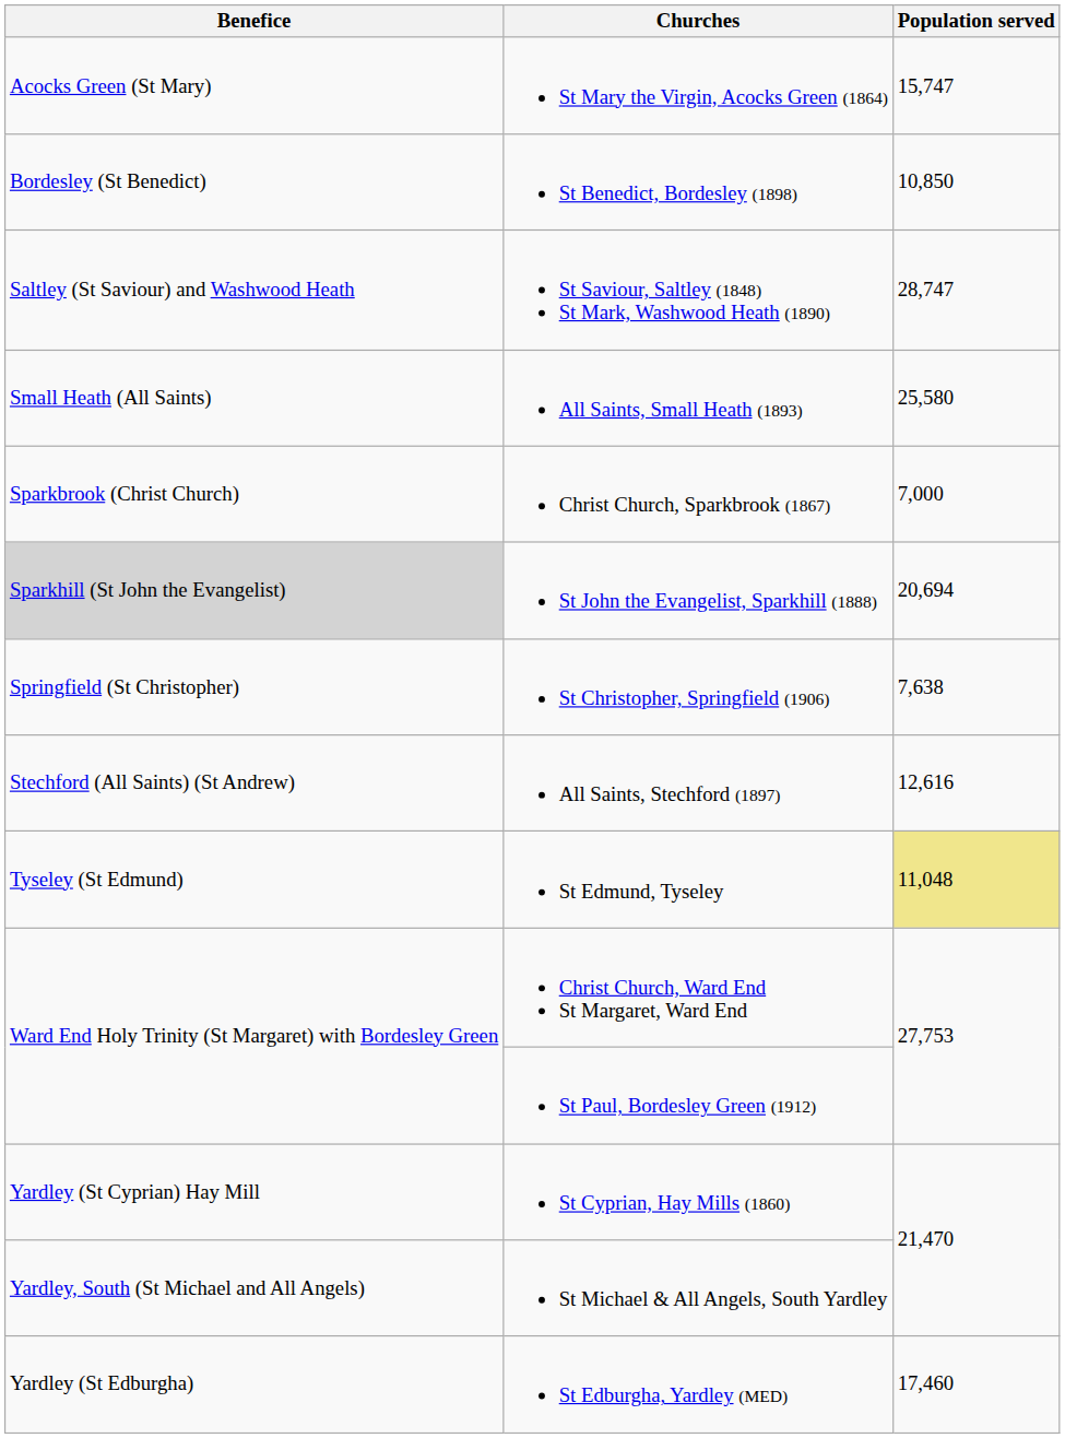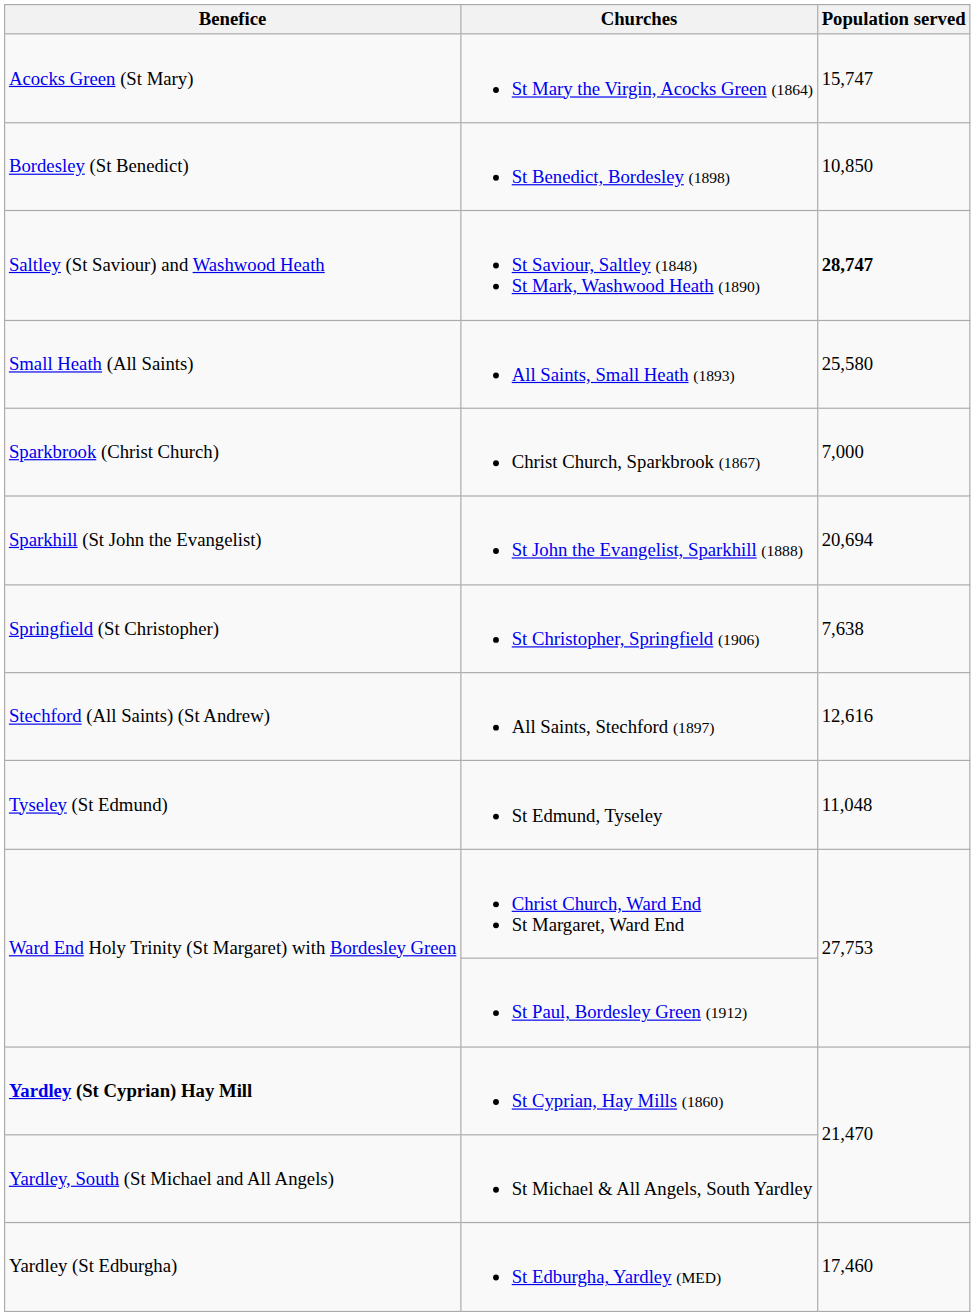 <table class="wikitable">
 <tr>
 <th>Benefice</th>
 <th>Churches</th>
 <th>Population served</th>
 </tr>
 <tr>
 <td><a href='#'>Acocks Green</a> (St Mary)</td>
 <td><br><ul><li><a href='#'>St Mary the Virgin, Acocks Green</a> <small>(1864)</small></li></ul></td>
 <td>15,747</td>
 </tr>
 <tr>
 <td><a href='#'>Bordesley</a> (St Benedict)</td>
 <td><br><ul><li><a href='#'>St Benedict, Bordesley</a> <small>(1898)</small></li></ul></td>
 <td>10,850</td>
 </tr>
 <tr>
 <td><a href='#'>Saltley</a> (St Saviour) and <a href='#'>Washwood Heath</a></td>
 <td><br><ul><li><a href='#'>St Saviour, Saltley</a> <small>(1848)</small></li><li><a href='#'>St Mark, Washwood Heath</a> <small>(1890)</small></li></ul></td>
-<td>28,747</td>
+<td><strong>28,747</strong></td>
 </tr>
 <tr>
 <td><a href='#'>Small Heath</a> (All Saints)</td>
 <td><br><ul><li><a href='#'>All Saints, Small Heath</a> <small>(1893)</small></li></ul></td>
 <td>25,580</td>
 </tr>
 <tr>
 <td><a href='#'>Sparkbrook</a> (Christ Church)</td>
 <td><br><ul><li>Christ Church, Sparkbrook <small>(1867)</small></li></ul></td>
 <td>7,000</td>
 </tr>
 <tr>
-<td style="background: lightgrey;"><a href='#'>Sparkhill</a> (St John the Evangelist)</td>
+<td><a href='#'>Sparkhill</a> (St John the Evangelist)</td>
 <td><br><ul><li><a href='#'>St John the Evangelist, Sparkhill</a> <small>(1888)</small></li></ul></td>
 <td>20,694</td>
 </tr>
 <tr>
 <td><a href='#'>Springfield</a> (St Christopher)</td>
 <td><br><ul><li><a href='#'>St Christopher, Springfield</a> <small>(1906)</small></li></ul></td>
 <td>7,638</td>
 </tr>
 <tr>
 <td><a href='#'>Stechford</a> (All Saints) (St Andrew)</td>
 <td><br><ul><li>All Saints, Stechford <small>(1897)</small></li></ul></td>
 <td>12,616</td>
 </tr>
 <tr>
 <td><a href='#'>Tyseley</a> (St Edmund)</td>
 <td><br><ul><li>St Edmund, Tyseley</li></ul></td>
-<td style="background: khaki;">11,048</td>
+<td>11,048</td>
 </tr>
 <tr>
 <td rowspan="2"><a href='#'>Ward End</a> Holy Trinity (St Margaret) with <a href='#'>Bordesley Green</a></td>
 <td><br><ul><li><a href='#'>Christ Church, Ward End</a></li><li>St Margaret, Ward End</li></ul></td>
 <td rowspan="2">27,753</td>
 </tr>
 <tr>
 <td><br><ul><li><a href='#'>St Paul, Bordesley Green</a> <small>(1912)</small></li></ul></td>
 </tr>
 <tr>
-<td><a href='#'>Yardley</a> (St Cyprian) Hay Mill</td>
+<td><strong><a href='#'>Yardley</a> (St Cyprian) Hay Mill</strong></td>
 <td><br><ul><li><a href='#'>St Cyprian, Hay Mills</a> <small>(1860)</small></li></ul></td>
 <td rowspan="2">21,470</td>
 </tr>
 <tr>
 <td><a href='#'>Yardley, South</a> (St Michael and All Angels)</td>
 <td><br><ul><li>St Michael & All Angels, South Yardley</li></ul></td>
 </tr>
 <tr>
 <td>Yardley (St Edburgha)</td>
 <td><br><ul><li><a href='#'>St Edburgha, Yardley</a> <small>(MED)</small></li></ul></td>
 <td>17,460</td>
 </tr>
 </table>
